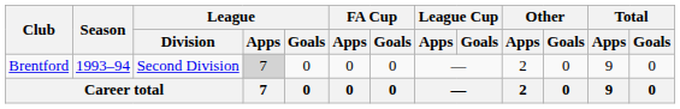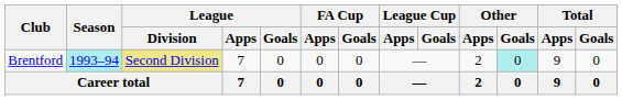 <table class="wikitable" style="text-align: center;">
 <tr>
 <th rowspan="2">Club</th>
 <th rowspan="2">Season</th>
 <th colspan="3">League</th>
 <th colspan="2">FA Cup</th>
 <th colspan="2">League Cup</th>
 <th colspan="2">Other</th>
 <th colspan="2">Total</th>
 </tr>
 <tr>
 <th>Division</th>
 <th>Apps</th>
 <th>Goals</th>
 <th>Apps</th>
 <th>Goals</th>
 <th>Apps</th>
 <th>Goals</th>
 <th>Apps</th>
 <th>Goals</th>
 <th>Apps</th>
 <th>Goals</th>
 </tr>
 <tr>
 <td><a href='#'>Brentford</a></td>
-<td><a href='#'>1993–94</a></td>
-<td><a href='#'>Second Division</a></td>
-<td style="background: lightgrey;">7</td>
+<td style="background: paleturquoise;"><a href='#'>1993–94</a></td>
+<td style="background: khaki;"><a href='#'>Second Division</a></td>
+<td>7</td>
 <td>0</td>
 <td>0</td>
 <td>0</td>
 <td colspan="2">—</td>
 <td>2</td>
-<td>0</td>
+<td style="background: paleturquoise;">0</td>
 <td>9</td>
 <td>0</td>
 </tr>
 <tr>
 <th colspan="3">Career total</th>
 <th>7</th>
 <th>0</th>
 <th>0</th>
 <th>0</th>
 <th colspan="2">—</th>
 <th>2</th>
 <th>0</th>
 <th>9</th>
 <th>0</th>
 </tr>
 </table>
